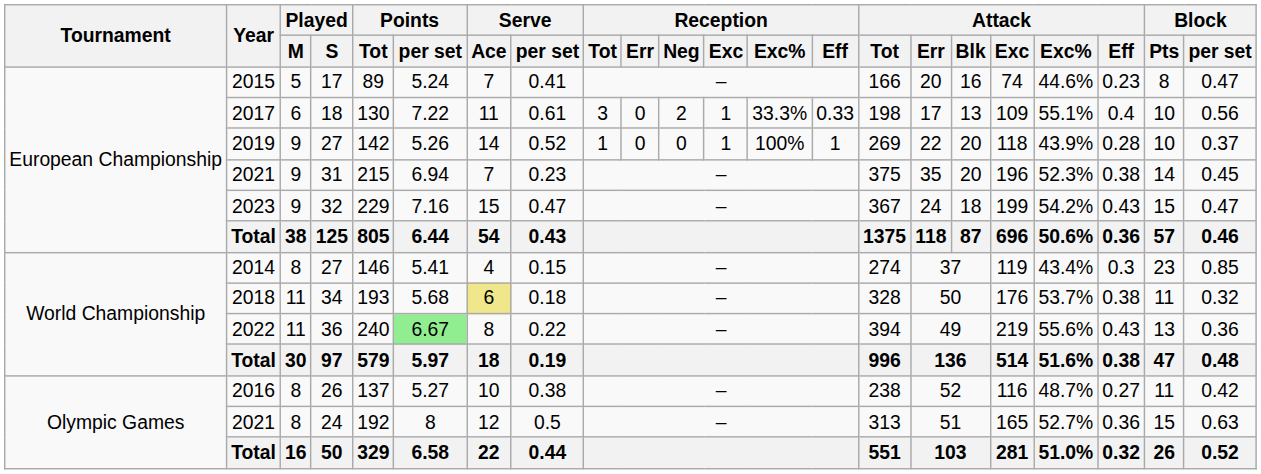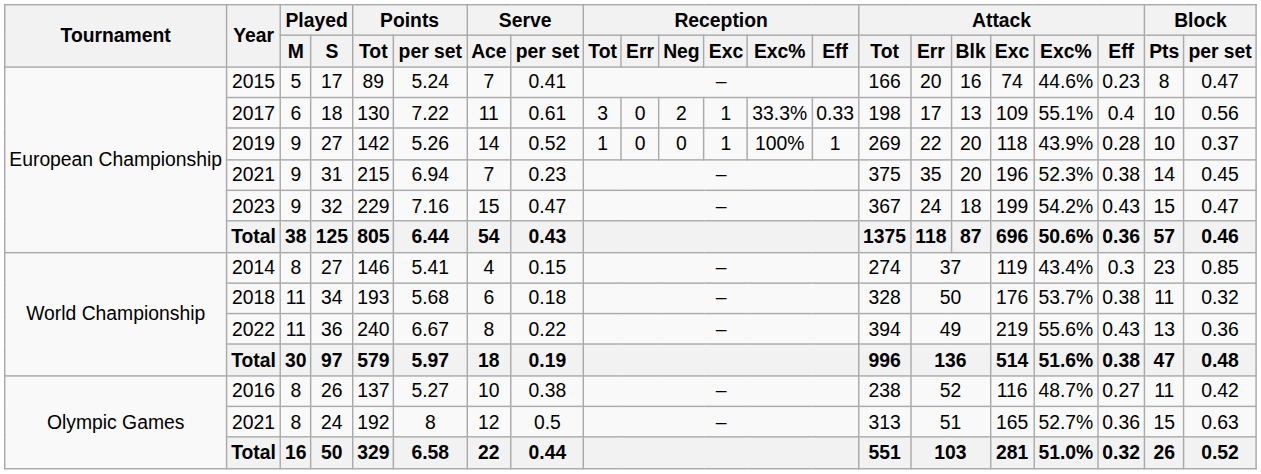 <table class="wikitable" style="text-align:center; font-size:smaller">
 <tr>
 <th rowspan="2">Tournament</th>
 <th rowspan="2">Year</th>
 <th colspan="2">Played</th>
 <th colspan="2">Points</th>
 <th colspan="2">Serve</th>
 <th colspan="6">Reception</th>
 <th colspan="6">Attack</th>
 <th colspan="2">Block</th>
 </tr>
 <tr>
 <th>M</th>
 <th>S</th>
 <th>Tot</th>
 <th>per set</th>
 <th>Ace</th>
 <th>per set</th>
 <th>Tot</th>
 <th>Err</th>
 <th>Neg</th>
 <th>Exc</th>
 <th>Exc%</th>
 <th>Eff</th>
 <th>Tot</th>
 <th>Err</th>
 <th>Blk</th>
 <th>Exc</th>
 <th>Exc%</th>
 <th>Eff</th>
 <th>Pts</th>
 <th>per set</th>
 </tr>
 <tr>
 <td rowspan="6">European Championship</td>
 <td>2015</td>
 <td>5</td>
 <td>17</td>
 <td>89</td>
 <td>5.24</td>
 <td>7</td>
 <td>0.41</td>
 <td colspan="6">–</td>
 <td>166</td>
 <td>20</td>
 <td>16</td>
 <td>74</td>
 <td>44.6%</td>
 <td>0.23</td>
 <td>8</td>
 <td>0.47</td>
 </tr>
 <tr>
 <td>2017</td>
 <td>6</td>
 <td>18</td>
 <td>130</td>
 <td>7.22</td>
 <td>11</td>
 <td>0.61</td>
 <td>3</td>
 <td>0</td>
 <td>2</td>
 <td>1</td>
 <td>33.3%</td>
 <td>0.33</td>
 <td>198</td>
 <td>17</td>
 <td>13</td>
 <td>109</td>
 <td>55.1%</td>
 <td>0.4</td>
 <td>10</td>
 <td>0.56</td>
 </tr>
 <tr>
 <td>2019</td>
 <td>9</td>
 <td>27</td>
 <td>142</td>
 <td>5.26</td>
 <td>14</td>
 <td>0.52</td>
 <td>1</td>
 <td>0</td>
 <td>0</td>
 <td>1</td>
 <td>100%</td>
 <td>1</td>
 <td>269</td>
 <td>22</td>
 <td>20</td>
 <td>118</td>
 <td>43.9%</td>
 <td>0.28</td>
 <td>10</td>
 <td>0.37</td>
 </tr>
 <tr>
 <td>2021</td>
 <td>9</td>
 <td>31</td>
 <td>215</td>
 <td>6.94</td>
 <td>7</td>
 <td>0.23</td>
 <td colspan="6">–</td>
 <td>375</td>
 <td>35</td>
 <td>20</td>
 <td>196</td>
 <td>52.3%</td>
 <td>0.38</td>
 <td>14</td>
 <td>0.45</td>
 </tr>
 <tr>
 <td>2023</td>
 <td>9</td>
 <td>32</td>
 <td>229</td>
 <td>7.16</td>
 <td>15</td>
 <td>0.47</td>
 <td colspan="6">–</td>
 <td>367</td>
 <td>24</td>
 <td>18</td>
 <td>199</td>
 <td>54.2%</td>
 <td>0.43</td>
 <td>15</td>
 <td>0.47</td>
 </tr>
 <tr>
 <th>Total</th>
 <th>38</th>
 <th>125</th>
 <th>805</th>
 <th>6.44</th>
 <th>54</th>
 <th>0.43</th>
 <th colspan="6"></th>
 <th>1375</th>
 <th>118</th>
 <th>87</th>
 <th>696</th>
 <th>50.6%</th>
 <th>0.36</th>
 <th>57</th>
 <th>0.46</th>
 </tr>
 <tr>
 <td rowspan="4">World Championship</td>
 <td>2014</td>
 <td>8</td>
 <td>27</td>
 <td>146</td>
 <td>5.41</td>
 <td>4</td>
 <td>0.15</td>
 <td colspan="6">–</td>
 <td>274</td>
 <td colspan="2">37</td>
 <td>119</td>
 <td>43.4%</td>
 <td>0.3</td>
 <td>23</td>
 <td>0.85</td>
 </tr>
 <tr>
 <td>2018</td>
 <td>11</td>
 <td>34</td>
 <td>193</td>
 <td>5.68</td>
-<td style="background: khaki;">6</td>
+<td>6</td>
 <td>0.18</td>
 <td colspan="6">–</td>
 <td>328</td>
 <td colspan="2">50</td>
 <td>176</td>
 <td>53.7%</td>
 <td>0.38</td>
 <td>11</td>
 <td>0.32</td>
 </tr>
 <tr>
 <td>2022</td>
 <td>11</td>
 <td>36</td>
 <td>240</td>
-<td style="background: lightgreen;">6.67</td>
+<td>6.67</td>
 <td>8</td>
 <td>0.22</td>
 <td colspan="6">–</td>
 <td>394</td>
 <td colspan="2">49</td>
 <td>219</td>
 <td>55.6%</td>
 <td>0.43</td>
 <td>13</td>
 <td>0.36</td>
 </tr>
 <tr>
 <th>Total</th>
 <th>30</th>
 <th>97</th>
 <th>579</th>
 <th>5.97</th>
 <th>18</th>
 <th>0.19</th>
 <th colspan="6"></th>
 <th>996</th>
 <th colspan="2">136</th>
 <th>514</th>
 <th>51.6%</th>
 <th>0.38</th>
 <th>47</th>
 <th>0.48</th>
 </tr>
 <tr>
 <td rowspan="3">Olympic Games</td>
 <td>2016</td>
 <td>8</td>
 <td>26</td>
 <td>137</td>
 <td>5.27</td>
 <td>10</td>
 <td>0.38</td>
 <td colspan="6">–</td>
 <td>238</td>
 <td colspan="2">52</td>
 <td>116</td>
 <td>48.7%</td>
 <td>0.27</td>
 <td>11</td>
 <td>0.42</td>
 </tr>
 <tr>
 <td>2021</td>
 <td>8</td>
 <td>24</td>
 <td>192</td>
 <td>8</td>
 <td>12</td>
 <td>0.5</td>
 <td colspan="6">–</td>
 <td>313</td>
 <td colspan="2">51</td>
 <td>165</td>
 <td>52.7%</td>
 <td>0.36</td>
 <td>15</td>
 <td>0.63</td>
 </tr>
 <tr>
 <th>Total</th>
 <th>16</th>
 <th>50</th>
 <th>329</th>
 <th>6.58</th>
 <th>22</th>
 <th>0.44</th>
 <th colspan="6"></th>
 <th>551</th>
 <th colspan="2">103</th>
 <th>281</th>
 <th>51.0%</th>
 <th>0.32</th>
 <th>26</th>
 <th>0.52</th>
 </tr>
 </table>
